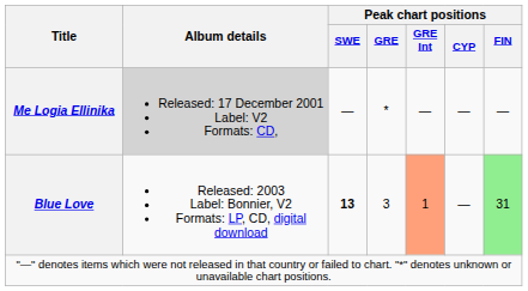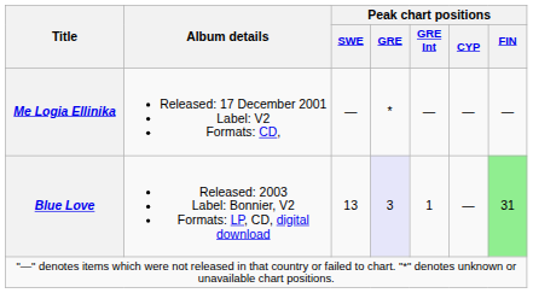 <table class="wikitable plainrowheaders" style="text-align:center;" border="1">
 <tr>
 <th scope="col" rowspan="2" style="width:9em;">Title</th>
 <th scope="col" rowspan="2" style="width:16em;">Album details</th>
 <th scope="col" colspan="5">Peak chart positions</th>
 </tr>
 <tr>
 <th scope="col" style="width:3em;font-size:90%;"><a href='#'>SWE</a><br><br></th>
 <th scope="col" style="width:3em;font-size:90%;"><a href='#'>GRE</a><br><br></th>
 <th scope="col" style="width:3em;font-size:90%;"><a href='#'>GRE Int</a><br><br></th>
 <th scope="col" style="width:3em;font-size:90%;"><a href='#'>CYP</a></th>
 <th scope="col" style="width:3em;font-size:90%;"><a href='#'>FIN</a><br><br></th>
 </tr>
 <tr>
 <th scope="row"><em><a href='#'>Me Logia Ellinika</a></em></th>
-<td style="background: lightgrey;"><br><ul><li>Released:  17 December 2001</li><li>Label: V2</li><li>Formats: <a href='#'>CD</a>,</li></ul></td>
+<td><br><ul><li>Released:  17 December 2001</li><li>Label: V2</li><li>Formats: <a href='#'>CD</a>,</li></ul></td>
 <td>—</td>
 <td>*</td>
 <td>—</td>
 <td>—</td>
 <td>—</td>
 </tr>
 <tr>
 <th scope="row"><em><a href='#'>Blue Love</a></em></th>
 <td><br><ul><li>Released: 2003</li><li>Label: Bonnier, V2</li><li>Formats: <a href='#'>LP</a>, CD, <a href='#'>digital download</a></li></ul></td>
-<td><strong>13</strong></td>
-<td>3</td>
-<td style="background: lightsalmon;">1</td>
+<td>13</td>
+<td style="background: lavender;">3</td>
+<td>1</td>
 <td>—</td>
 <td style="background: lightgreen;">31</td>
 </tr>
 <tr>
 <td colspan="14" style="font-size:90%;">"—" denotes items which were not released in that country or failed to chart. "*" denotes unknown or unavailable chart positions.</td>
 </tr>
 </table>
